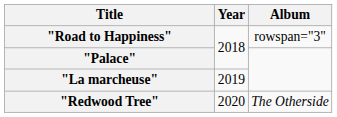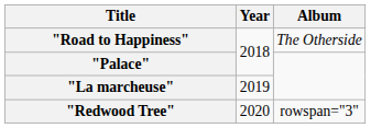 <table class="wikitable plainrowheaders" style="text-align:center;">
 <tr>
 <th scope="col" style="width:15em;">Title</th>
 <th scope="col" style="width:1em;">Year</th>
 <th scope="col">Album</th>
 </tr>
 <tr>
 <th scope = "row">"Road to Happiness"</th>
 <td rowspan="2">2018</td>
-<td>rowspan="3" </td>
+<td><em>The Otherside</em></td>
 </tr>
 <tr>
 <th scope = "row">"Palace"</th>
 </tr>
 <tr>
 <th scope="row">"La marcheuse"</th>
 <td>2019</td>
 </tr>
 <tr>
 <th scope="row">"Redwood Tree"</th>
 <td>2020</td>
-<td><em>The Otherside</em></td>
+<td>rowspan="3" </td>
 </tr>
 </table>
